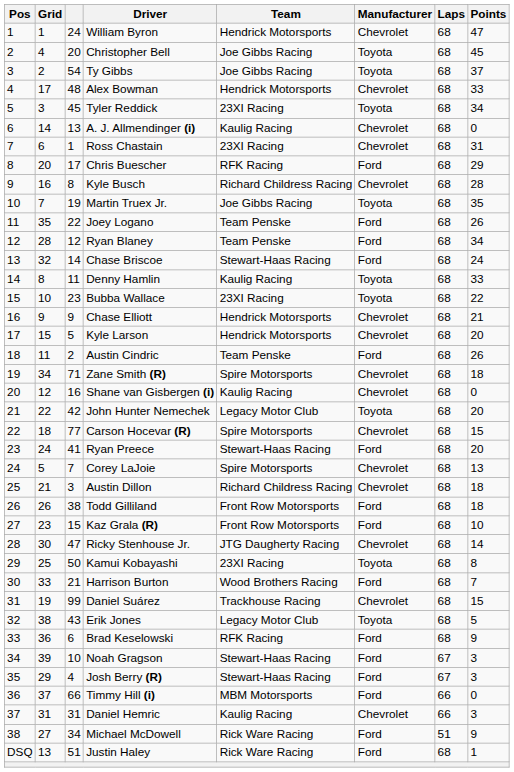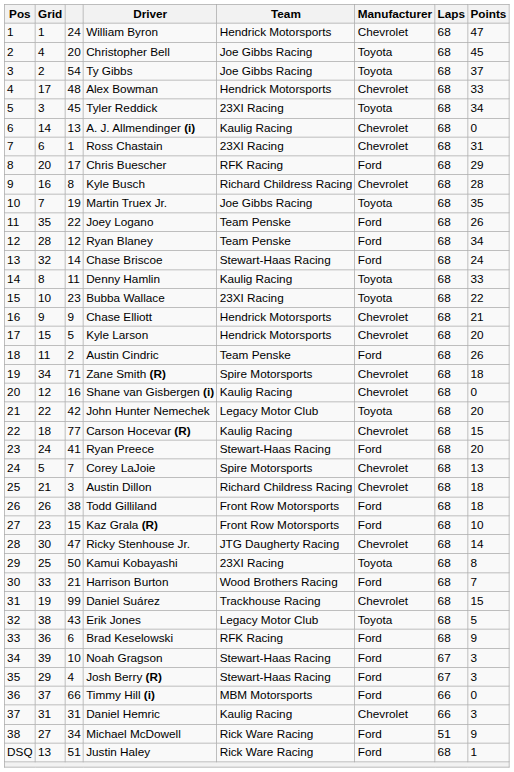 <table class="wikitable" style="font-size:98%">
 <tr>
 <th>Pos</th>
 <th>Grid</th>
 <th></th>
 <th>Driver</th>
 <th>Team</th>
 <th>Manufacturer</th>
 <th>Laps</th>
 <th>Points</th>
 </tr>
 <tr>
 <td>1</td>
 <td>1</td>
 <td>24</td>
 <td>William Byron</td>
 <td>Hendrick Motorsports</td>
 <td>Chevrolet</td>
 <td>68</td>
 <td>47</td>
 </tr>
 <tr>
 <td>2</td>
 <td>4</td>
 <td>20</td>
 <td>Christopher Bell</td>
 <td>Joe Gibbs Racing</td>
 <td>Toyota</td>
 <td>68</td>
 <td>45</td>
 </tr>
 <tr>
 <td>3</td>
 <td>2</td>
 <td>54</td>
 <td>Ty Gibbs</td>
 <td>Joe Gibbs Racing</td>
 <td>Toyota</td>
 <td>68</td>
 <td>37</td>
 </tr>
 <tr>
 <td>4</td>
 <td>17</td>
 <td>48</td>
 <td>Alex Bowman</td>
 <td>Hendrick Motorsports</td>
 <td>Chevrolet</td>
 <td>68</td>
 <td>33</td>
 </tr>
 <tr>
 <td>5</td>
 <td>3</td>
 <td>45</td>
 <td>Tyler Reddick</td>
 <td>23XI Racing</td>
 <td>Toyota</td>
 <td>68</td>
 <td>34</td>
 </tr>
 <tr>
 <td>6</td>
 <td>14</td>
 <td>13</td>
 <td>A. J. Allmendinger <strong>(i)</strong></td>
 <td>Kaulig Racing</td>
 <td>Chevrolet</td>
 <td>68</td>
 <td>0</td>
 </tr>
 <tr>
 <td>7</td>
 <td>6</td>
 <td>1</td>
 <td>Ross Chastain</td>
 <td>23XI Racing</td>
 <td>Chevrolet</td>
 <td>68</td>
 <td>31</td>
 </tr>
 <tr>
 <td>8</td>
 <td>20</td>
 <td>17</td>
 <td>Chris Buescher</td>
 <td>RFK Racing</td>
 <td>Ford</td>
 <td>68</td>
 <td>29</td>
 </tr>
 <tr>
 <td>9</td>
 <td>16</td>
 <td>8</td>
 <td>Kyle Busch</td>
 <td>Richard Childress Racing</td>
 <td>Chevrolet</td>
 <td>68</td>
 <td>28</td>
 </tr>
 <tr>
 <td>10</td>
 <td>7</td>
 <td>19</td>
 <td>Martin Truex Jr.</td>
 <td>Joe Gibbs Racing</td>
 <td>Toyota</td>
 <td>68</td>
 <td>35</td>
 </tr>
 <tr>
 <td>11</td>
 <td>35</td>
 <td>22</td>
 <td>Joey Logano</td>
 <td>Team Penske</td>
 <td>Ford</td>
 <td>68</td>
 <td>26</td>
 </tr>
 <tr>
 <td>12</td>
 <td>28</td>
 <td>12</td>
 <td>Ryan Blaney</td>
 <td>Team Penske</td>
 <td>Ford</td>
 <td>68</td>
 <td>34</td>
 </tr>
 <tr>
 <td>13</td>
 <td>32</td>
 <td>14</td>
 <td>Chase Briscoe</td>
 <td>Stewart-Haas Racing</td>
 <td>Ford</td>
 <td>68</td>
 <td>24</td>
 </tr>
 <tr>
 <td>14</td>
 <td>8</td>
 <td>11</td>
 <td>Denny Hamlin</td>
 <td>Kaulig Racing</td>
 <td>Toyota</td>
 <td>68</td>
 <td>33</td>
 </tr>
 <tr>
 <td>15</td>
 <td>10</td>
 <td>23</td>
 <td>Bubba Wallace</td>
 <td>23XI Racing</td>
 <td>Toyota</td>
 <td>68</td>
 <td>22</td>
 </tr>
 <tr>
 <td>16</td>
 <td>9</td>
 <td>9</td>
 <td>Chase Elliott</td>
 <td>Hendrick Motorsports</td>
 <td>Chevrolet</td>
 <td>68</td>
 <td>21</td>
 </tr>
 <tr>
 <td>17</td>
 <td>15</td>
 <td>5</td>
 <td>Kyle Larson</td>
 <td>Hendrick Motorsports</td>
 <td>Chevrolet</td>
 <td>68</td>
 <td>20</td>
 </tr>
 <tr>
 <td>18</td>
 <td>11</td>
 <td>2</td>
 <td>Austin Cindric</td>
 <td>Team Penske</td>
 <td>Ford</td>
 <td>68</td>
 <td>26</td>
 </tr>
 <tr>
 <td>19</td>
 <td>34</td>
 <td>71</td>
 <td>Zane Smith <strong>(R)</strong></td>
 <td>Spire Motorsports</td>
 <td>Chevrolet</td>
 <td>68</td>
 <td>18</td>
 </tr>
 <tr>
 <td>20</td>
 <td>12</td>
 <td>16</td>
 <td>Shane van Gisbergen <strong>(i)</strong></td>
 <td>Kaulig Racing</td>
 <td>Chevrolet</td>
 <td>68</td>
 <td>0</td>
 </tr>
 <tr>
 <td>21</td>
 <td>22</td>
 <td>42</td>
 <td>John Hunter Nemechek</td>
 <td>Legacy Motor Club</td>
 <td>Toyota</td>
 <td>68</td>
 <td>20</td>
 </tr>
 <tr>
 <td>22</td>
 <td>18</td>
 <td>77</td>
 <td>Carson Hocevar <strong>(R)</strong></td>
-<td>Spire Motorsports</td>
+<td>Kaulig Racing</td>
 <td>Chevrolet</td>
 <td>68</td>
 <td>15</td>
 </tr>
 <tr>
 <td>23</td>
 <td>24</td>
 <td>41</td>
 <td>Ryan Preece</td>
 <td>Stewart-Haas Racing</td>
 <td>Ford</td>
 <td>68</td>
 <td>20</td>
 </tr>
 <tr>
 <td>24</td>
 <td>5</td>
 <td>7</td>
 <td>Corey LaJoie</td>
 <td>Spire Motorsports</td>
 <td>Chevrolet</td>
 <td>68</td>
 <td>13</td>
 </tr>
 <tr>
 <td>25</td>
 <td>21</td>
 <td>3</td>
 <td>Austin Dillon</td>
 <td>Richard Childress Racing</td>
 <td>Chevrolet</td>
 <td>68</td>
 <td>18</td>
 </tr>
 <tr>
 <td>26</td>
 <td>26</td>
 <td>38</td>
 <td>Todd Gilliland</td>
 <td>Front Row Motorsports</td>
 <td>Ford</td>
 <td>68</td>
 <td>18</td>
 </tr>
 <tr>
 <td>27</td>
 <td>23</td>
 <td>15</td>
 <td>Kaz Grala <strong>(R)</strong></td>
 <td>Front Row Motorsports</td>
 <td>Ford</td>
 <td>68</td>
 <td>10</td>
 </tr>
 <tr>
 <td>28</td>
 <td>30</td>
 <td>47</td>
 <td>Ricky Stenhouse Jr.</td>
 <td>JTG Daugherty Racing</td>
 <td>Chevrolet</td>
 <td>68</td>
 <td>14</td>
 </tr>
 <tr>
 <td>29</td>
 <td>25</td>
 <td>50</td>
 <td>Kamui Kobayashi</td>
 <td>23XI Racing</td>
 <td>Toyota</td>
 <td>68</td>
 <td>8</td>
 </tr>
 <tr>
 <td>30</td>
 <td>33</td>
 <td>21</td>
 <td>Harrison Burton</td>
 <td>Wood Brothers Racing</td>
 <td>Ford</td>
 <td>68</td>
 <td>7</td>
 </tr>
 <tr>
 <td>31</td>
 <td>19</td>
 <td>99</td>
 <td>Daniel Suárez</td>
 <td>Trackhouse Racing</td>
 <td>Chevrolet</td>
 <td>68</td>
 <td>15</td>
 </tr>
 <tr>
 <td>32</td>
 <td>38</td>
 <td>43</td>
 <td>Erik Jones</td>
 <td>Legacy Motor Club</td>
 <td>Toyota</td>
 <td>68</td>
 <td>5</td>
 </tr>
 <tr>
 <td>33</td>
 <td>36</td>
 <td>6</td>
 <td>Brad Keselowski</td>
 <td>RFK Racing</td>
 <td>Ford</td>
 <td>68</td>
 <td>9</td>
 </tr>
 <tr>
 <td>34</td>
 <td>39</td>
 <td>10</td>
 <td>Noah Gragson</td>
 <td>Stewart-Haas Racing</td>
 <td>Ford</td>
 <td>67</td>
 <td>3</td>
 </tr>
 <tr>
 <td>35</td>
 <td>29</td>
 <td>4</td>
 <td>Josh Berry <strong>(R)</strong></td>
 <td>Stewart-Haas Racing</td>
 <td>Ford</td>
 <td>67</td>
 <td>3</td>
 </tr>
 <tr>
 <td>36</td>
 <td>37</td>
 <td>66</td>
 <td>Timmy Hill <strong>(i)</strong></td>
 <td>MBM Motorsports</td>
 <td>Ford</td>
 <td>66</td>
 <td>0</td>
 </tr>
 <tr>
 <td>37</td>
 <td>31</td>
 <td>31</td>
 <td>Daniel Hemric</td>
 <td>Kaulig Racing</td>
 <td>Chevrolet</td>
 <td>66</td>
 <td>3</td>
 </tr>
 <tr>
 <td>38</td>
 <td>27</td>
 <td>34</td>
 <td>Michael McDowell</td>
 <td>Rick Ware Racing</td>
 <td>Ford</td>
 <td>51</td>
 <td>9</td>
 </tr>
 <tr>
 <td>DSQ</td>
 <td>13</td>
 <td>51</td>
 <td>Justin Haley</td>
 <td>Rick Ware Racing</td>
 <td>Ford</td>
 <td>68</td>
 <td>1</td>
 </tr>
 <tr>
 <th colspan="8"></th>
 </tr>
 </table>
